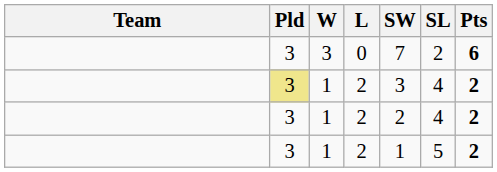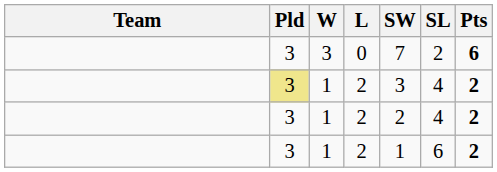 <table class=wikitable style="text-align:center">
 <tr>
 <th width=200>Team</th>
 <th width=20>Pld</th>
 <th width=20>W</th>
 <th width=20>L</th>
 <th width=20>SW</th>
 <th width=20>SL</th>
 <th width=20>Pts</th>
 </tr>
 <tr>
 <td align=left></td>
 <td>3</td>
 <td>3</td>
 <td>0</td>
 <td>7</td>
 <td>2</td>
 <td><strong>6</strong></td>
 </tr>
 <tr>
 <td align=left></td>
 <td style="background: khaki;">3</td>
 <td>1</td>
 <td>2</td>
 <td>3</td>
 <td>4</td>
 <td><strong>2</strong></td>
 </tr>
 <tr>
 <td align=left></td>
 <td>3</td>
 <td>1</td>
 <td>2</td>
 <td>2</td>
 <td>4</td>
 <td><strong>2</strong></td>
 </tr>
 <tr>
 <td align=left></td>
 <td>3</td>
 <td>1</td>
 <td>2</td>
 <td>1</td>
-<td>5</td>
+<td>6</td>
 <td><strong>2</strong></td>
 </tr>
 </table>
